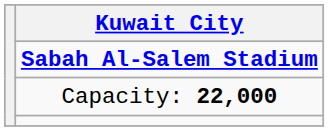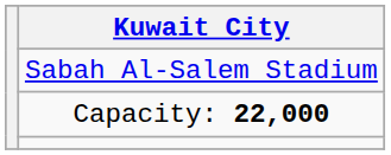 <table class="wikitable" style="text-align:center">
 <tr>
 <th rowspan=4></th>
 <th><a href='#'>Kuwait City</a></th>
 </tr>
 <tr>
-<td><strong><a href='#'>Sabah Al-Salem Stadium</a></strong></td>
+<td><a href='#'>Sabah Al-Salem Stadium</a></td>
 </tr>
 <tr>
 <td>Capacity: <strong>22,000</strong></td>
 </tr>
 <tr>
 <td></td>
 </tr>
 </table>
